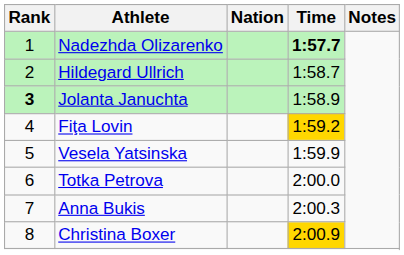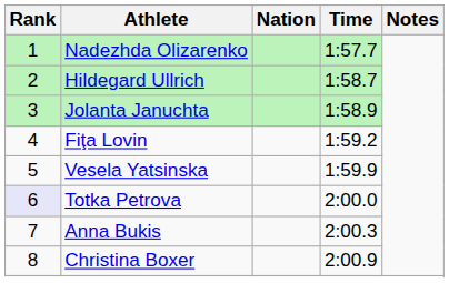 <table class="wikitable sortable" style="text-align:center">
 <tr>
 <th>Rank</th>
 <th>Athlete</th>
 <th>Nation</th>
 <th>Time</th>
 <th>Notes</th>
 </tr>
 <tr style="background:#bbf3bb;">
 <td>1</td>
 <td align=left><a href='#'>Nadezhda Olizarenko</a></td>
 <td align=left></td>
-<td><strong>1:57.7</strong></td>
+<td>1:57.7</td>
 </tr>
 <tr style="background:#bbf3bb;">
 <td>2</td>
 <td align=left><a href='#'>Hildegard Ullrich</a></td>
 <td align=left></td>
 <td>1:58.7</td>
 </tr>
 <tr style="background:#bbf3bb;">
-<td><strong>3</strong></td>
+<td>3</td>
 <td align=left><a href='#'>Jolanta Januchta</a></td>
 <td align=left></td>
 <td>1:58.9</td>
 </tr>
 <tr>
 <td>4</td>
 <td align=left><a href='#'>Fiţa Lovin</a></td>
 <td align=left></td>
-<td style="background: gold;">1:59.2</td>
+<td>1:59.2</td>
 </tr>
 <tr>
 <td>5</td>
 <td align=left><a href='#'>Vesela Yatsinska</a></td>
 <td align=left></td>
 <td>1:59.9</td>
 </tr>
 <tr>
-<td>6</td>
+<td style="background: lavender;">6</td>
 <td align=left><a href='#'>Totka Petrova</a></td>
 <td align=left></td>
 <td>2:00.0</td>
 </tr>
 <tr>
 <td>7</td>
 <td align=left><a href='#'>Anna Bukis</a></td>
 <td align=left></td>
 <td>2:00.3</td>
 </tr>
 <tr>
 <td>8</td>
 <td align=left><a href='#'>Christina Boxer</a></td>
 <td align=left></td>
-<td style="background: gold;">2:00.9</td>
+<td>2:00.9</td>
 </tr>
 <tr>
 </tr>
 </table>
